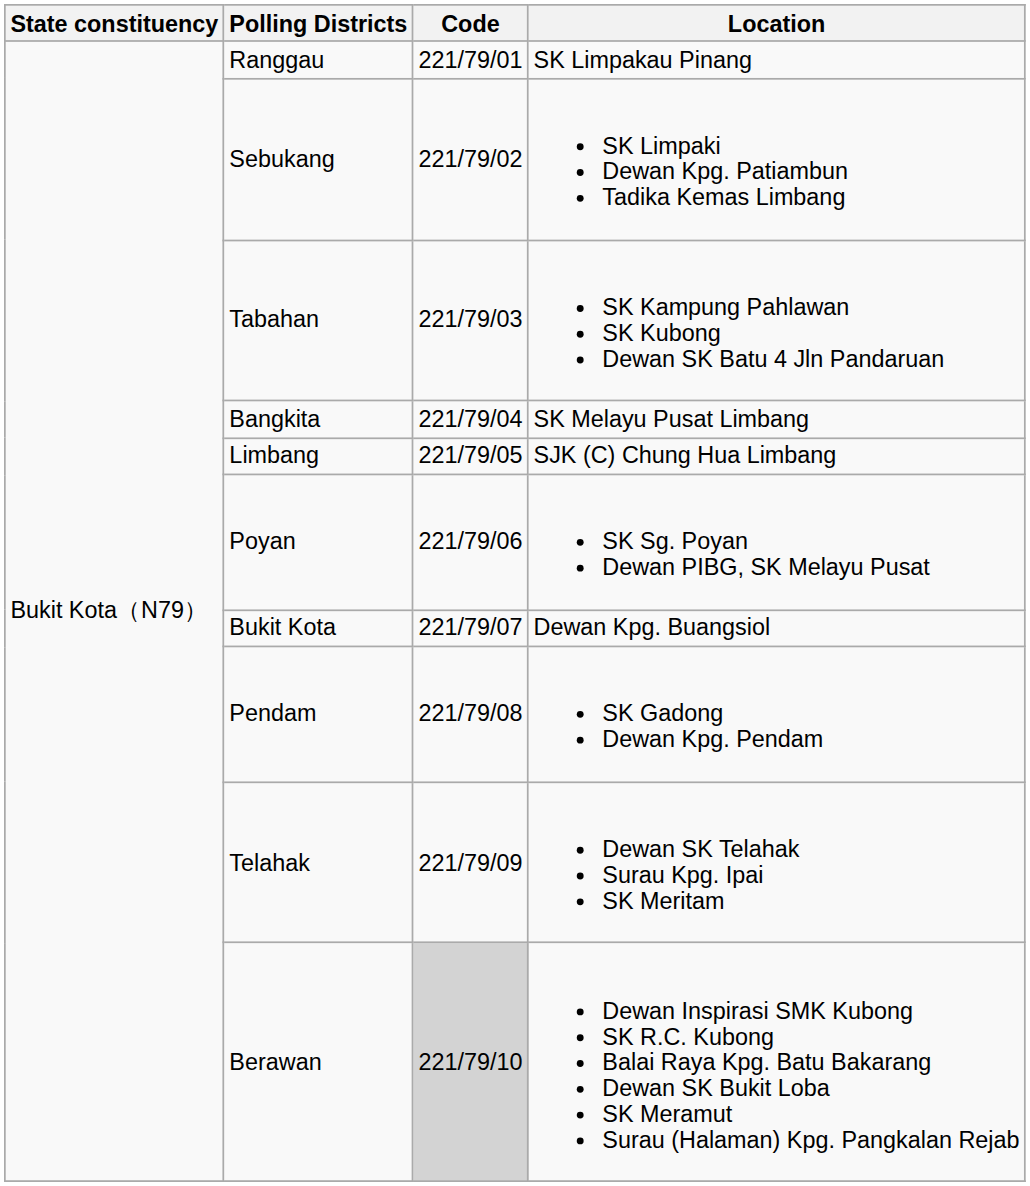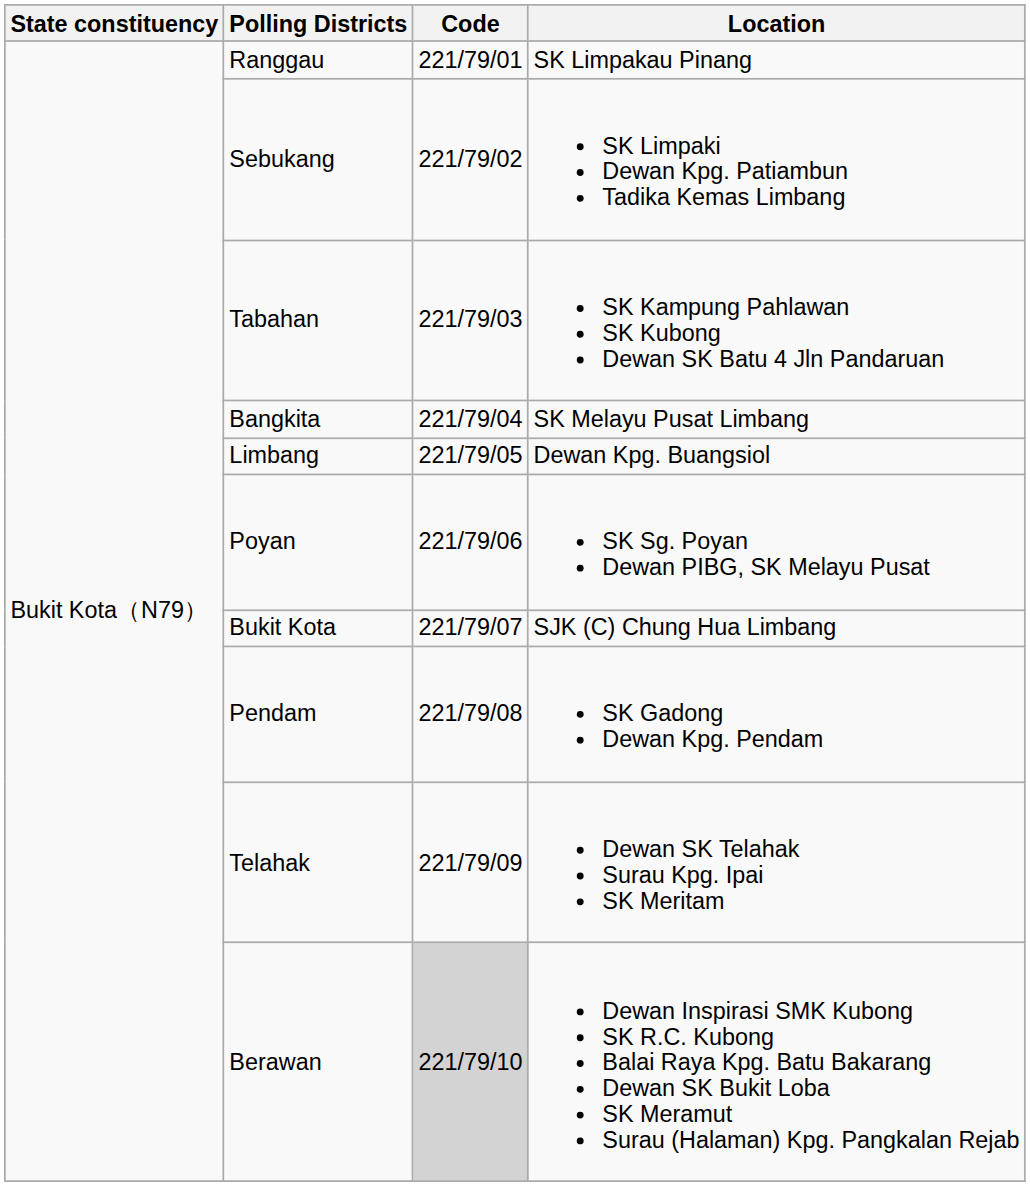 <table class="wikitable sortable mw-collapsible" style="white-space:nowrap;font-size:85%">
 <tr>
 <th>State constituency</th>
 <th>Polling Districts</th>
 <th>Code</th>
 <th>Location</th>
 </tr>
 <tr>
 <td rowspan="10">Bukit Kota（N79）</td>
 <td>Ranggau</td>
 <td>221/79/01</td>
 <td>SK Limpakau Pinang</td>
 </tr>
 <tr>
 <td>Sebukang</td>
 <td>221/79/02</td>
 <td><br><ul><li>SK Limpaki</li><li>Dewan Kpg. Patiambun</li><li>Tadika Kemas Limbang</li></ul></td>
 </tr>
 <tr>
 <td>Tabahan</td>
 <td>221/79/03</td>
 <td><br><ul><li>SK Kampung Pahlawan</li><li>SK Kubong</li><li>Dewan SK Batu 4 Jln Pandaruan</li></ul></td>
 </tr>
 <tr>
 <td>Bangkita</td>
 <td>221/79/04</td>
 <td>SK Melayu Pusat Limbang</td>
 </tr>
 <tr>
 <td>Limbang</td>
 <td>221/79/05</td>
-<td>SJK (C) Chung Hua Limbang</td>
+<td>Dewan Kpg. Buangsiol</td>
 </tr>
 <tr>
 <td>Poyan</td>
 <td>221/79/06</td>
 <td><br><ul><li>SK Sg. Poyan</li><li>Dewan PIBG, SK Melayu Pusat</li></ul></td>
 </tr>
 <tr>
 <td>Bukit Kota</td>
 <td>221/79/07</td>
-<td>Dewan Kpg. Buangsiol</td>
+<td>SJK (C) Chung Hua Limbang</td>
 </tr>
 <tr>
 <td>Pendam</td>
 <td>221/79/08</td>
 <td><br><ul><li>SK Gadong</li><li>Dewan Kpg. Pendam</li></ul></td>
 </tr>
 <tr>
 <td>Telahak</td>
 <td>221/79/09</td>
 <td><br><ul><li>Dewan SK Telahak</li><li>Surau Kpg. Ipai</li><li>SK Meritam</li></ul></td>
 </tr>
 <tr>
 <td>Berawan</td>
 <td style="background: lightgrey;">221/79/10</td>
 <td><br><ul><li>Dewan Inspirasi SMK Kubong</li><li>SK R.C. Kubong</li><li>Balai Raya Kpg. Batu Bakarang</li><li>Dewan SK Bukit Loba</li><li>SK Meramut</li><li>Surau (Halaman) Kpg. Pangkalan Rejab</li></ul></td>
 </tr>
 <tr>
 </tr>
 </table>
